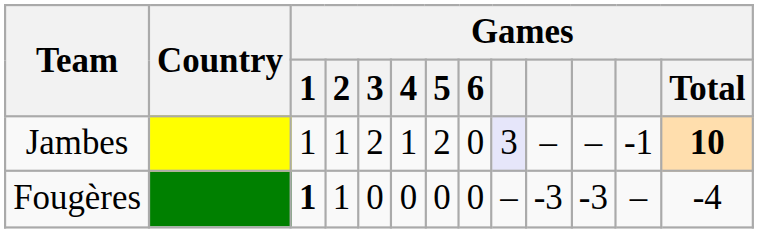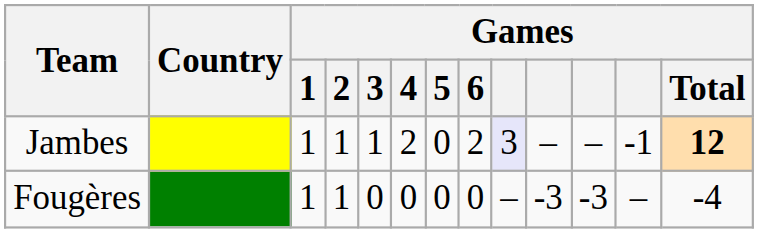 <table class="wikitable plainrowheaders" style="text-align:center;">
 <tr>
 <th rowspan=2>Team</th>
 <th rowspan=2>Country</th>
 <th colspan=11>Games</th>
 </tr>
 <tr>
 <th>1</th>
 <th>2</th>
 <th>3</th>
 <th>4</th>
 <th>5</th>
 <th>6</th>
 <th></th>
 <th></th>
 <th></th>
 <th></th>
 <th>Total</th>
 </tr>
 <tr>
 <td>Jambes</td>
 <td style="background:yellow"></td>
 <td>1</td>
 <td>1</td>
-<td>2</td>
 <td>1</td>
 <td>2</td>
 <td>0</td>
+<td>2</td>
 <td style="background: lavender;">3</td>
 <td>–</td>
 <td>–</td>
 <td>-1</td>
-<td style="font-weight:bold; background:NavajoWhite;">10</td>
+<td style="font-weight:bold; background:NavajoWhite;">12</td>
 </tr>
 <tr>
 <td>Fougères</td>
 <td style="background:green"></td>
-<td><strong>1</strong></td>
+<td>1</td>
 <td>1</td>
 <td>0</td>
 <td>0</td>
 <td>0</td>
 <td>0</td>
 <td>–</td>
 <td>-3</td>
 <td>-3</td>
 <td>–</td>
 <td>-4</td>
 </tr>
 </table>
